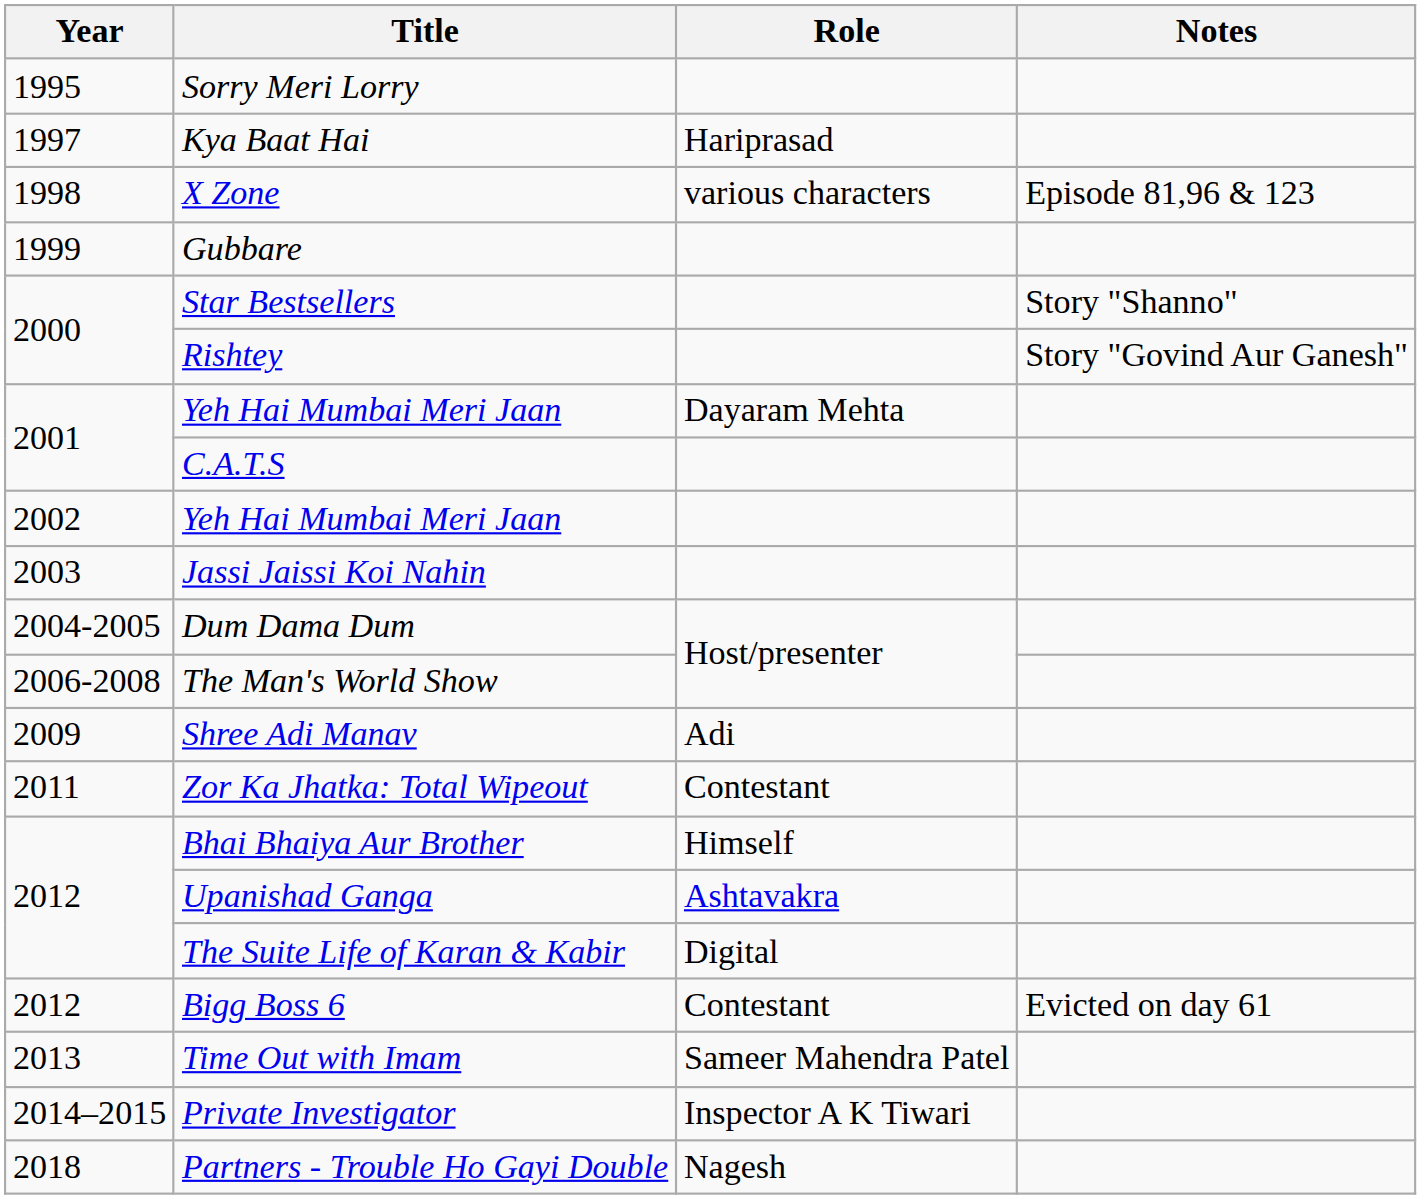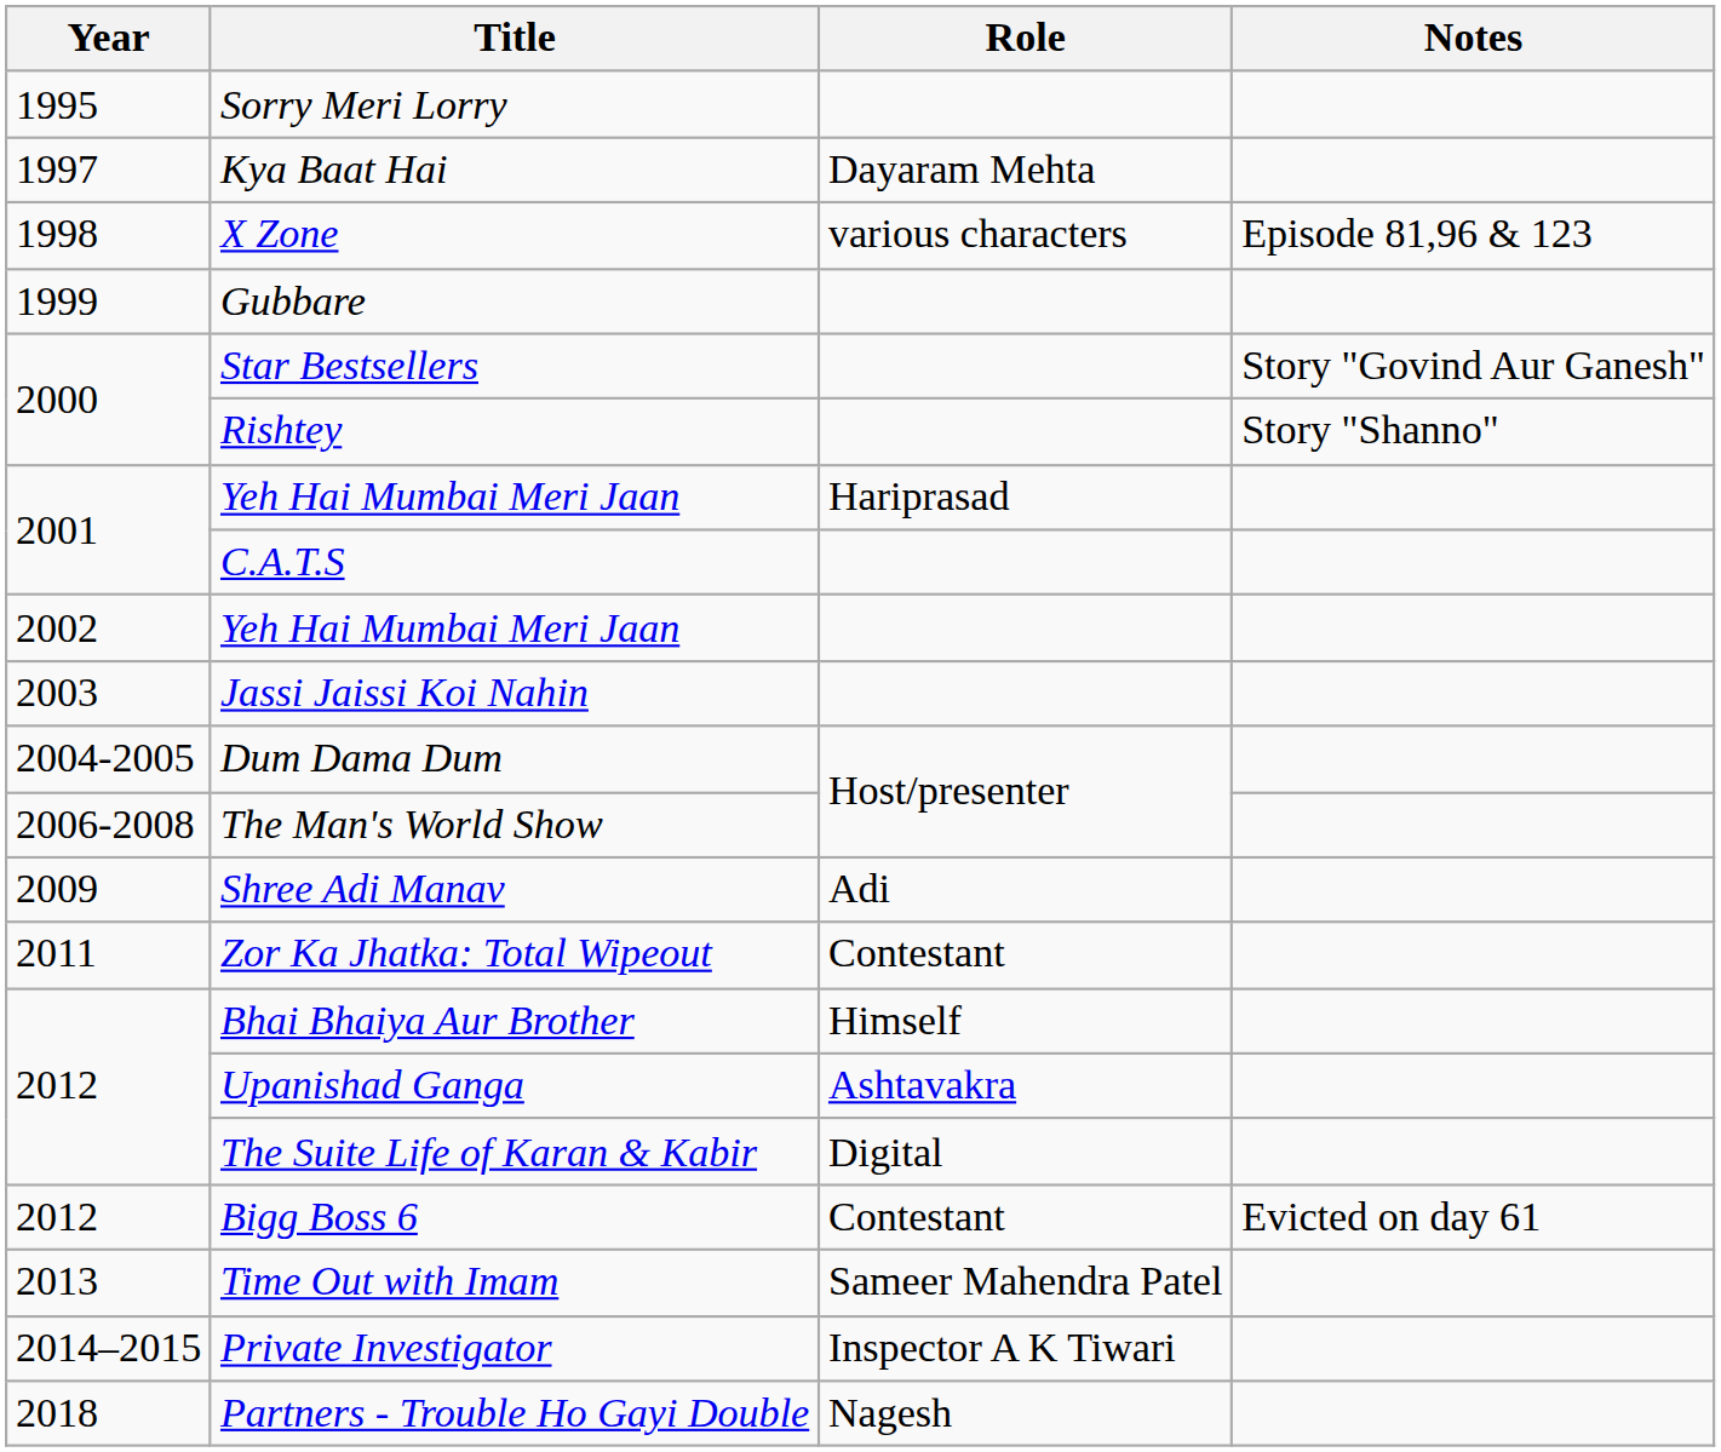 <table class="wikitable sortable">
 <tr>
 <th scope="col">Year</th>
 <th scope="col">Title</th>
 <th scope="col">Role</th>
 <th scope="col">Notes</th>
 </tr>
 <tr>
 <td>1995</td>
 <td><em>Sorry Meri Lorry</em></td>
 <td></td>
 <td></td>
 </tr>
 <tr>
 <td>1997</td>
 <td><em>Kya Baat Hai</em></td>
-<td>Hariprasad</td>
+<td>Dayaram Mehta</td>
 <td></td>
 </tr>
 <tr>
 <td>1998</td>
 <td><em><a href='#'>X Zone</a></em></td>
 <td>various characters</td>
 <td>Episode 81,96 & 123</td>
 </tr>
 <tr>
 <td>1999</td>
 <td><em>Gubbare</em></td>
 <td></td>
 <td></td>
 </tr>
 <tr>
 <td rowspan="2">2000</td>
 <td><em><a href='#'>Star Bestsellers</a></em></td>
 <td></td>
-<td>Story "Shanno"</td>
+<td>Story "Govind Aur Ganesh"</td>
 </tr>
 <tr>
 <td><em><a href='#'>Rishtey</a></em></td>
 <td></td>
-<td>Story "Govind Aur Ganesh"</td>
+<td>Story "Shanno"</td>
 </tr>
 <tr>
 <td rowspan="2">2001</td>
 <td><em><a href='#'>Yeh Hai Mumbai Meri Jaan</a></em></td>
-<td>Dayaram Mehta</td>
+<td>Hariprasad</td>
 <td></td>
 </tr>
 <tr>
 <td><em><a href='#'>C.A.T.S</a></em></td>
 <td></td>
 <td></td>
 </tr>
 <tr>
 <td>2002</td>
 <td><em><a href='#'>Yeh Hai Mumbai Meri Jaan</a></em></td>
 <td></td>
 <td></td>
 </tr>
 <tr>
 <td>2003</td>
 <td><em><a href='#'>Jassi Jaissi Koi Nahin</a></em></td>
 <td></td>
 <td></td>
 </tr>
 <tr>
 <td>2004-2005</td>
 <td><em>Dum Dama Dum</em></td>
 <td rowspan="2">Host/presenter</td>
 <td></td>
 </tr>
 <tr>
 <td>2006-2008</td>
 <td><em>The Man's World Show</em></td>
 <td></td>
 </tr>
 <tr>
 <td>2009</td>
 <td><em><a href='#'>Shree Adi Manav</a></em></td>
 <td>Adi</td>
 <td></td>
 </tr>
 <tr>
 <td>2011</td>
 <td><em><a href='#'>Zor Ka Jhatka: Total Wipeout</a></em></td>
 <td>Contestant</td>
 <td></td>
 </tr>
 <tr>
 <td rowspan="3">2012</td>
 <td><em><a href='#'>Bhai Bhaiya Aur Brother</a></em></td>
 <td>Himself</td>
 <td></td>
 </tr>
 <tr>
 <td><em><a href='#'>Upanishad Ganga</a></em></td>
 <td><a href='#'>Ashtavakra</a></td>
 <td></td>
 </tr>
 <tr>
 <td><em><a href='#'>The Suite Life of Karan & Kabir</a></em></td>
 <td>Digital</td>
 <td></td>
 </tr>
 <tr>
 <td>2012</td>
 <td><em><a href='#'>Bigg Boss 6</a></em></td>
 <td>Contestant</td>
 <td>Evicted on day 61</td>
 </tr>
 <tr>
 <td>2013</td>
 <td><em><a href='#'>Time Out with Imam</a></em></td>
 <td>Sameer Mahendra Patel</td>
 <td></td>
 </tr>
 <tr>
 <td>2014–2015</td>
 <td><em><a href='#'>Private Investigator</a></em></td>
 <td>Inspector A K Tiwari</td>
 <td></td>
 </tr>
 <tr>
 <td>2018</td>
 <td><em><a href='#'>Partners - Trouble Ho Gayi Double</a></em></td>
 <td>Nagesh</td>
 <td></td>
 </tr>
 </table>
